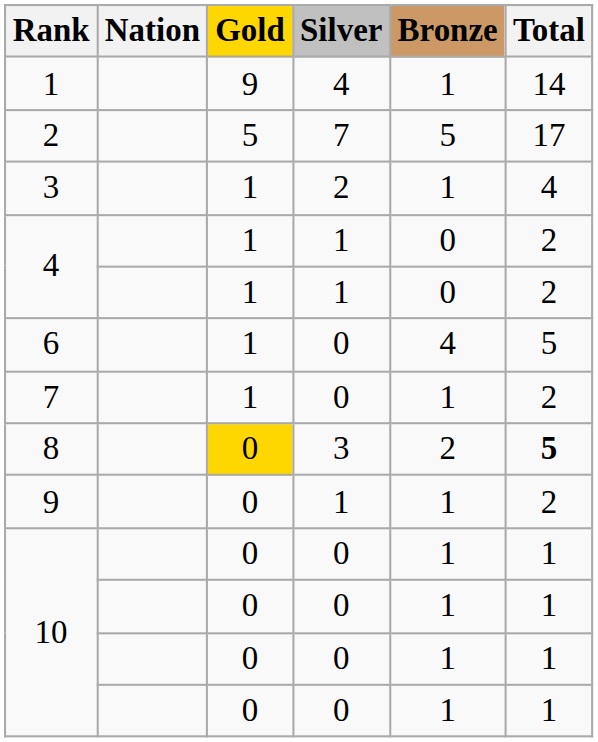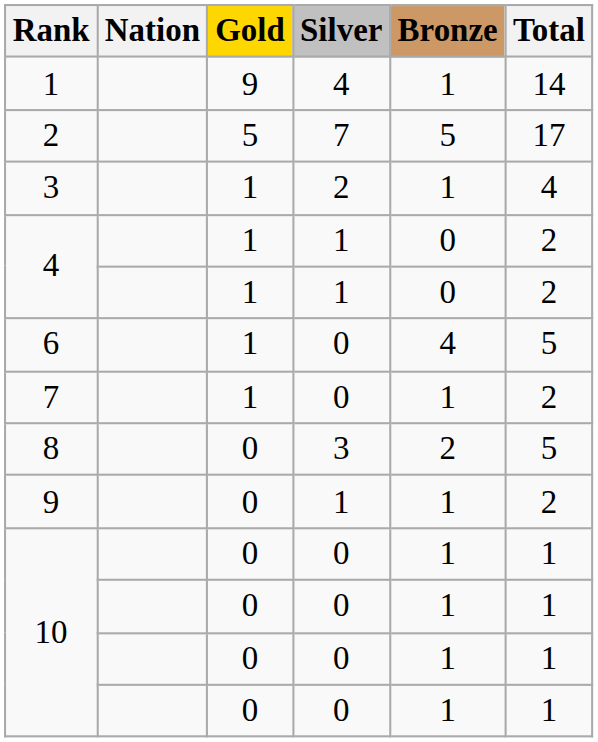 <table class="wikitable sortable" style="text-align:center">
 <tr>
 <th class="unsortable">Rank</th>
 <th>Nation</th>
 <th style="background-color:gold">Gold</th>
 <th style="background-color:silver">Silver</th>
 <th style="background-color:#cc9966">Bronze</th>
 <th>Total</th>
 </tr>
 <tr>
 <td>1</td>
 <td align=left></td>
 <td>9</td>
 <td>4</td>
 <td>1</td>
 <td>14</td>
 </tr>
 <tr>
 <td>2</td>
 <td align=left></td>
 <td>5</td>
 <td>7</td>
 <td>5</td>
 <td>17</td>
 </tr>
 <tr>
 <td>3</td>
 <td align=left></td>
 <td>1</td>
 <td>2</td>
 <td>1</td>
 <td>4</td>
 </tr>
 <tr>
 <td rowspan="2">4</td>
 <td align="left"></td>
 <td>1</td>
 <td>1</td>
 <td>0</td>
 <td>2</td>
 </tr>
 <tr>
 <td align="left"></td>
 <td>1</td>
 <td>1</td>
 <td>0</td>
 <td>2</td>
 </tr>
 <tr>
 <td>6</td>
 <td align=left></td>
 <td>1</td>
 <td>0</td>
 <td>4</td>
 <td>5</td>
 </tr>
 <tr>
 <td>7</td>
 <td align=left></td>
 <td>1</td>
 <td>0</td>
 <td>1</td>
 <td>2</td>
 </tr>
 <tr>
 <td>8</td>
 <td align=left></td>
-<td style="background: gold;">0</td>
+<td>0</td>
 <td>3</td>
 <td>2</td>
-<td><strong>5</strong></td>
+<td>5</td>
 </tr>
 <tr>
 <td>9</td>
 <td align=left></td>
 <td>0</td>
 <td>1</td>
 <td>1</td>
 <td>2</td>
 </tr>
 <tr>
 <td rowspan="4">10</td>
 <td align="left"></td>
 <td>0</td>
 <td>0</td>
 <td>1</td>
 <td>1</td>
 </tr>
 <tr>
 <td align="left"></td>
 <td>0</td>
 <td>0</td>
 <td>1</td>
 <td>1</td>
 </tr>
 <tr>
 <td align="left"></td>
 <td>0</td>
 <td>0</td>
 <td>1</td>
 <td>1</td>
 </tr>
 <tr>
 <td align="left"></td>
 <td>0</td>
 <td>0</td>
 <td>1</td>
 <td>1</td>
 </tr>
 </table>
